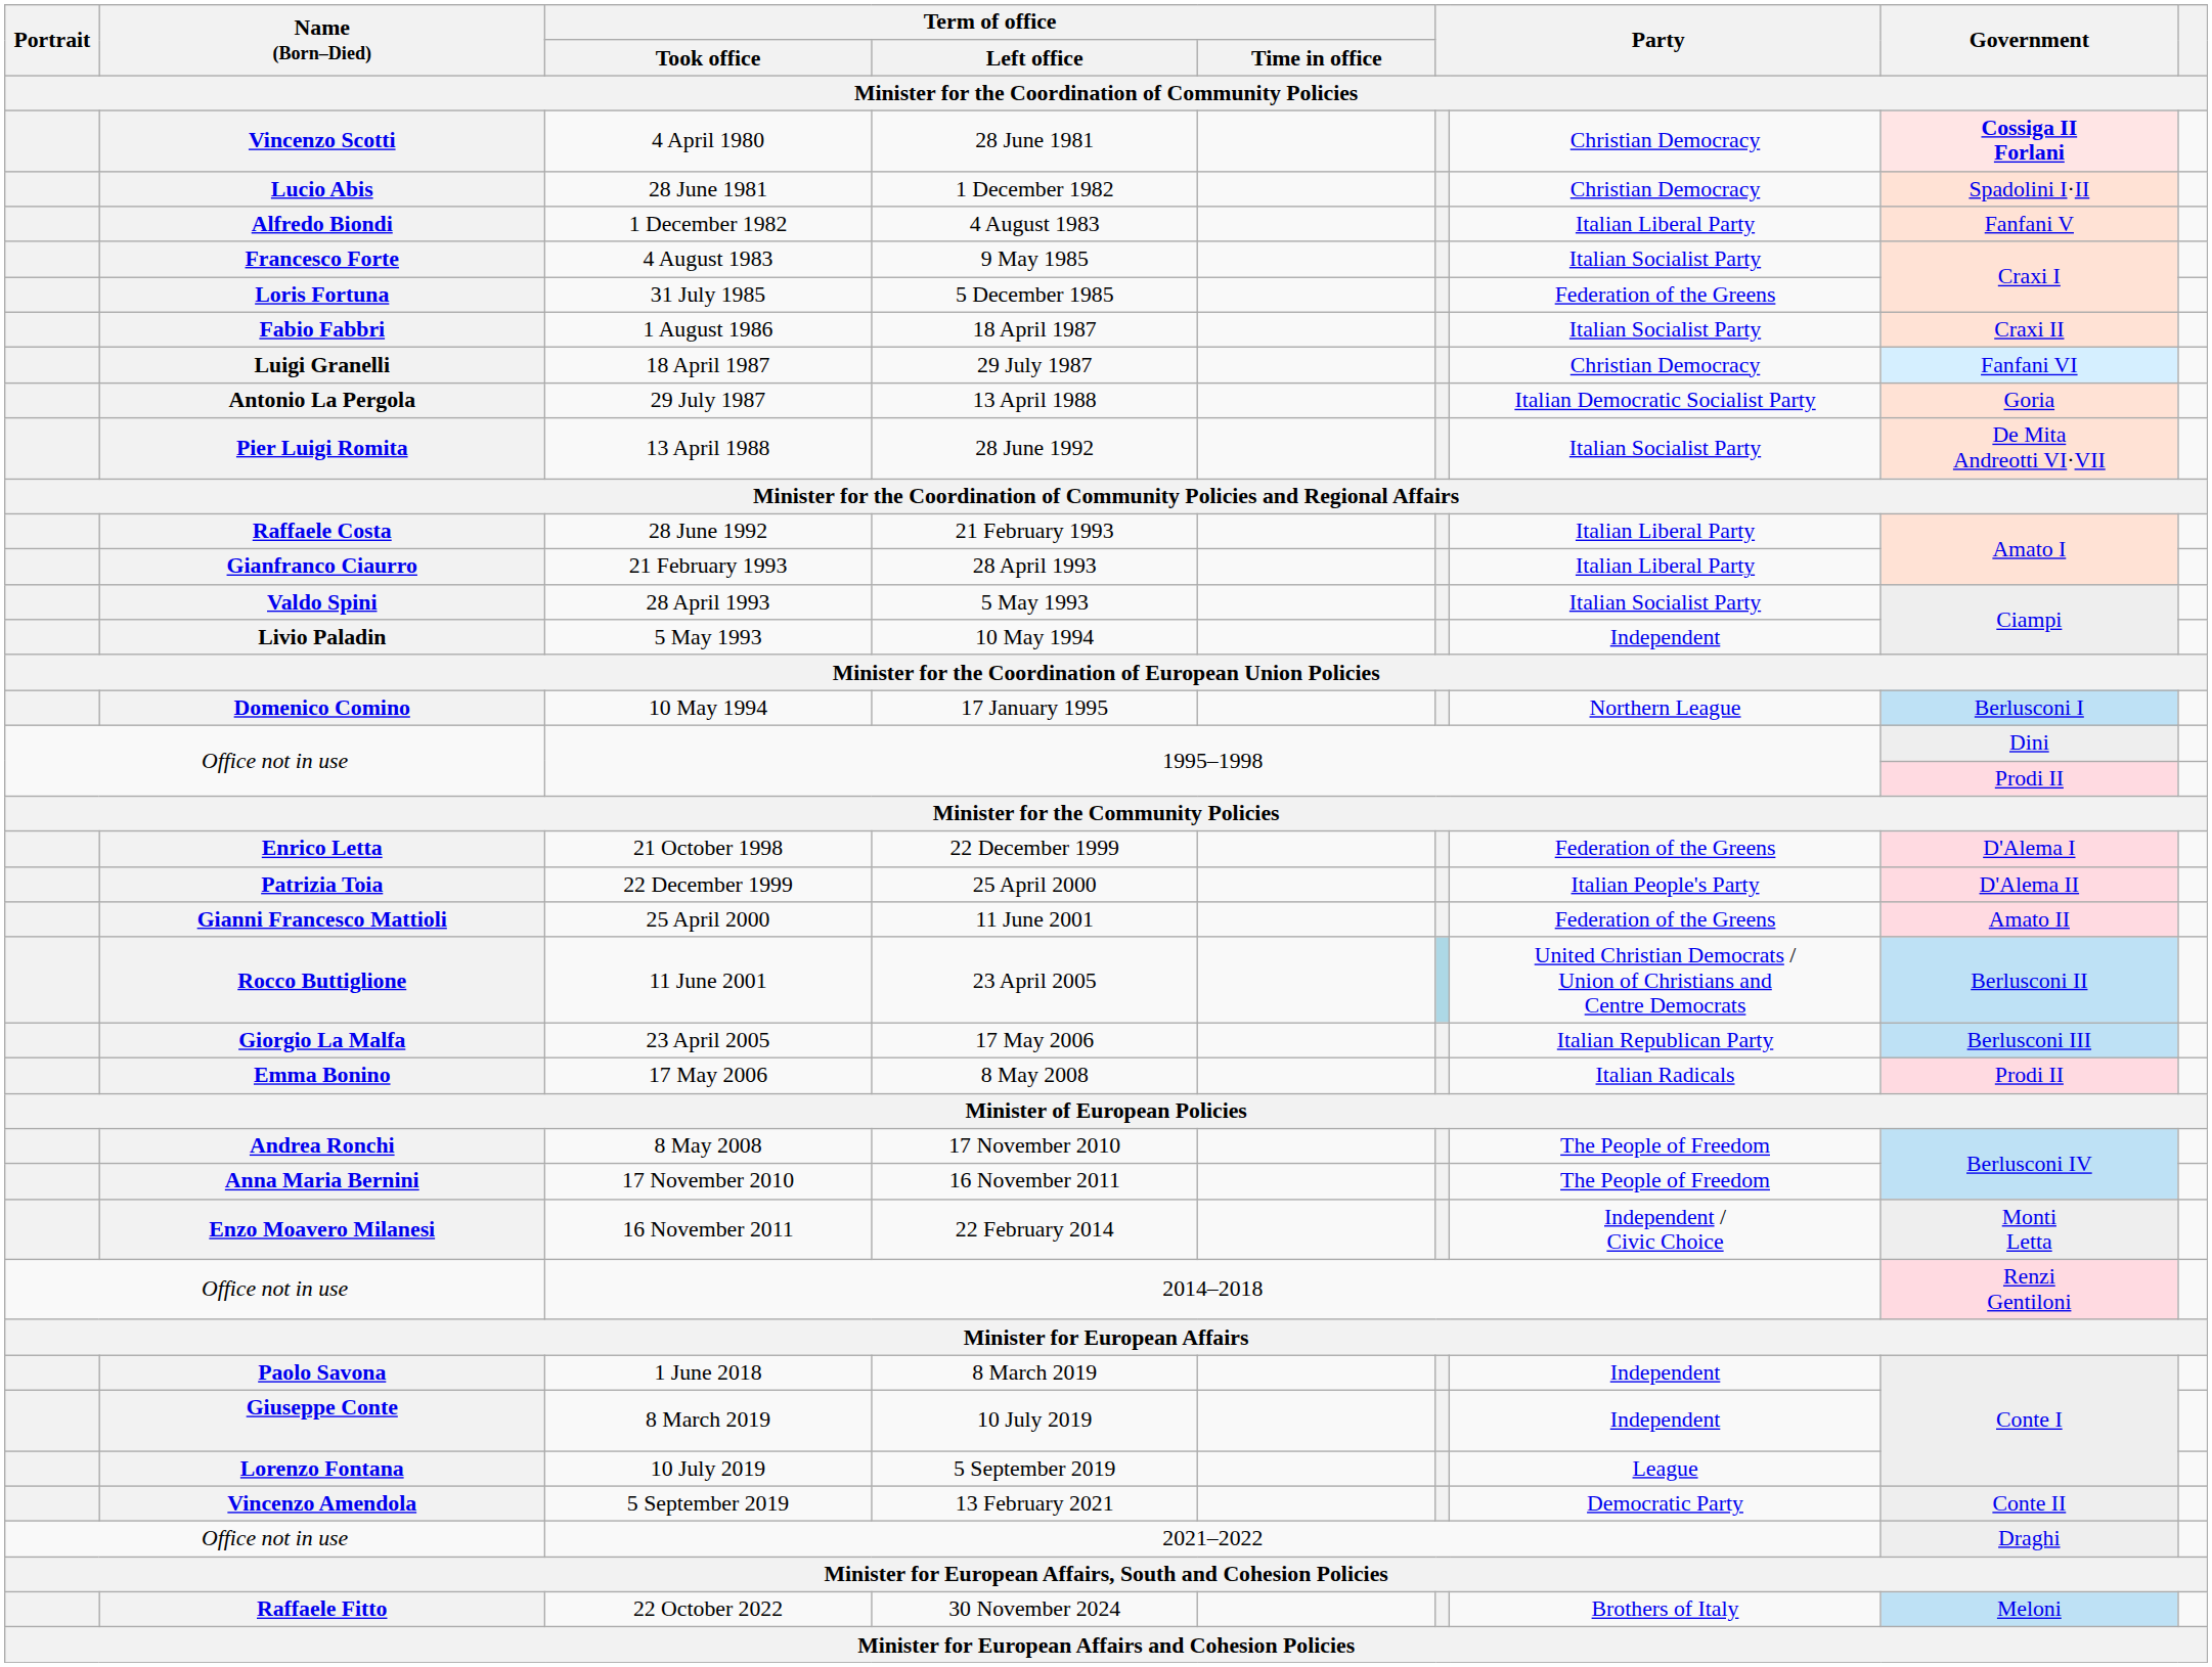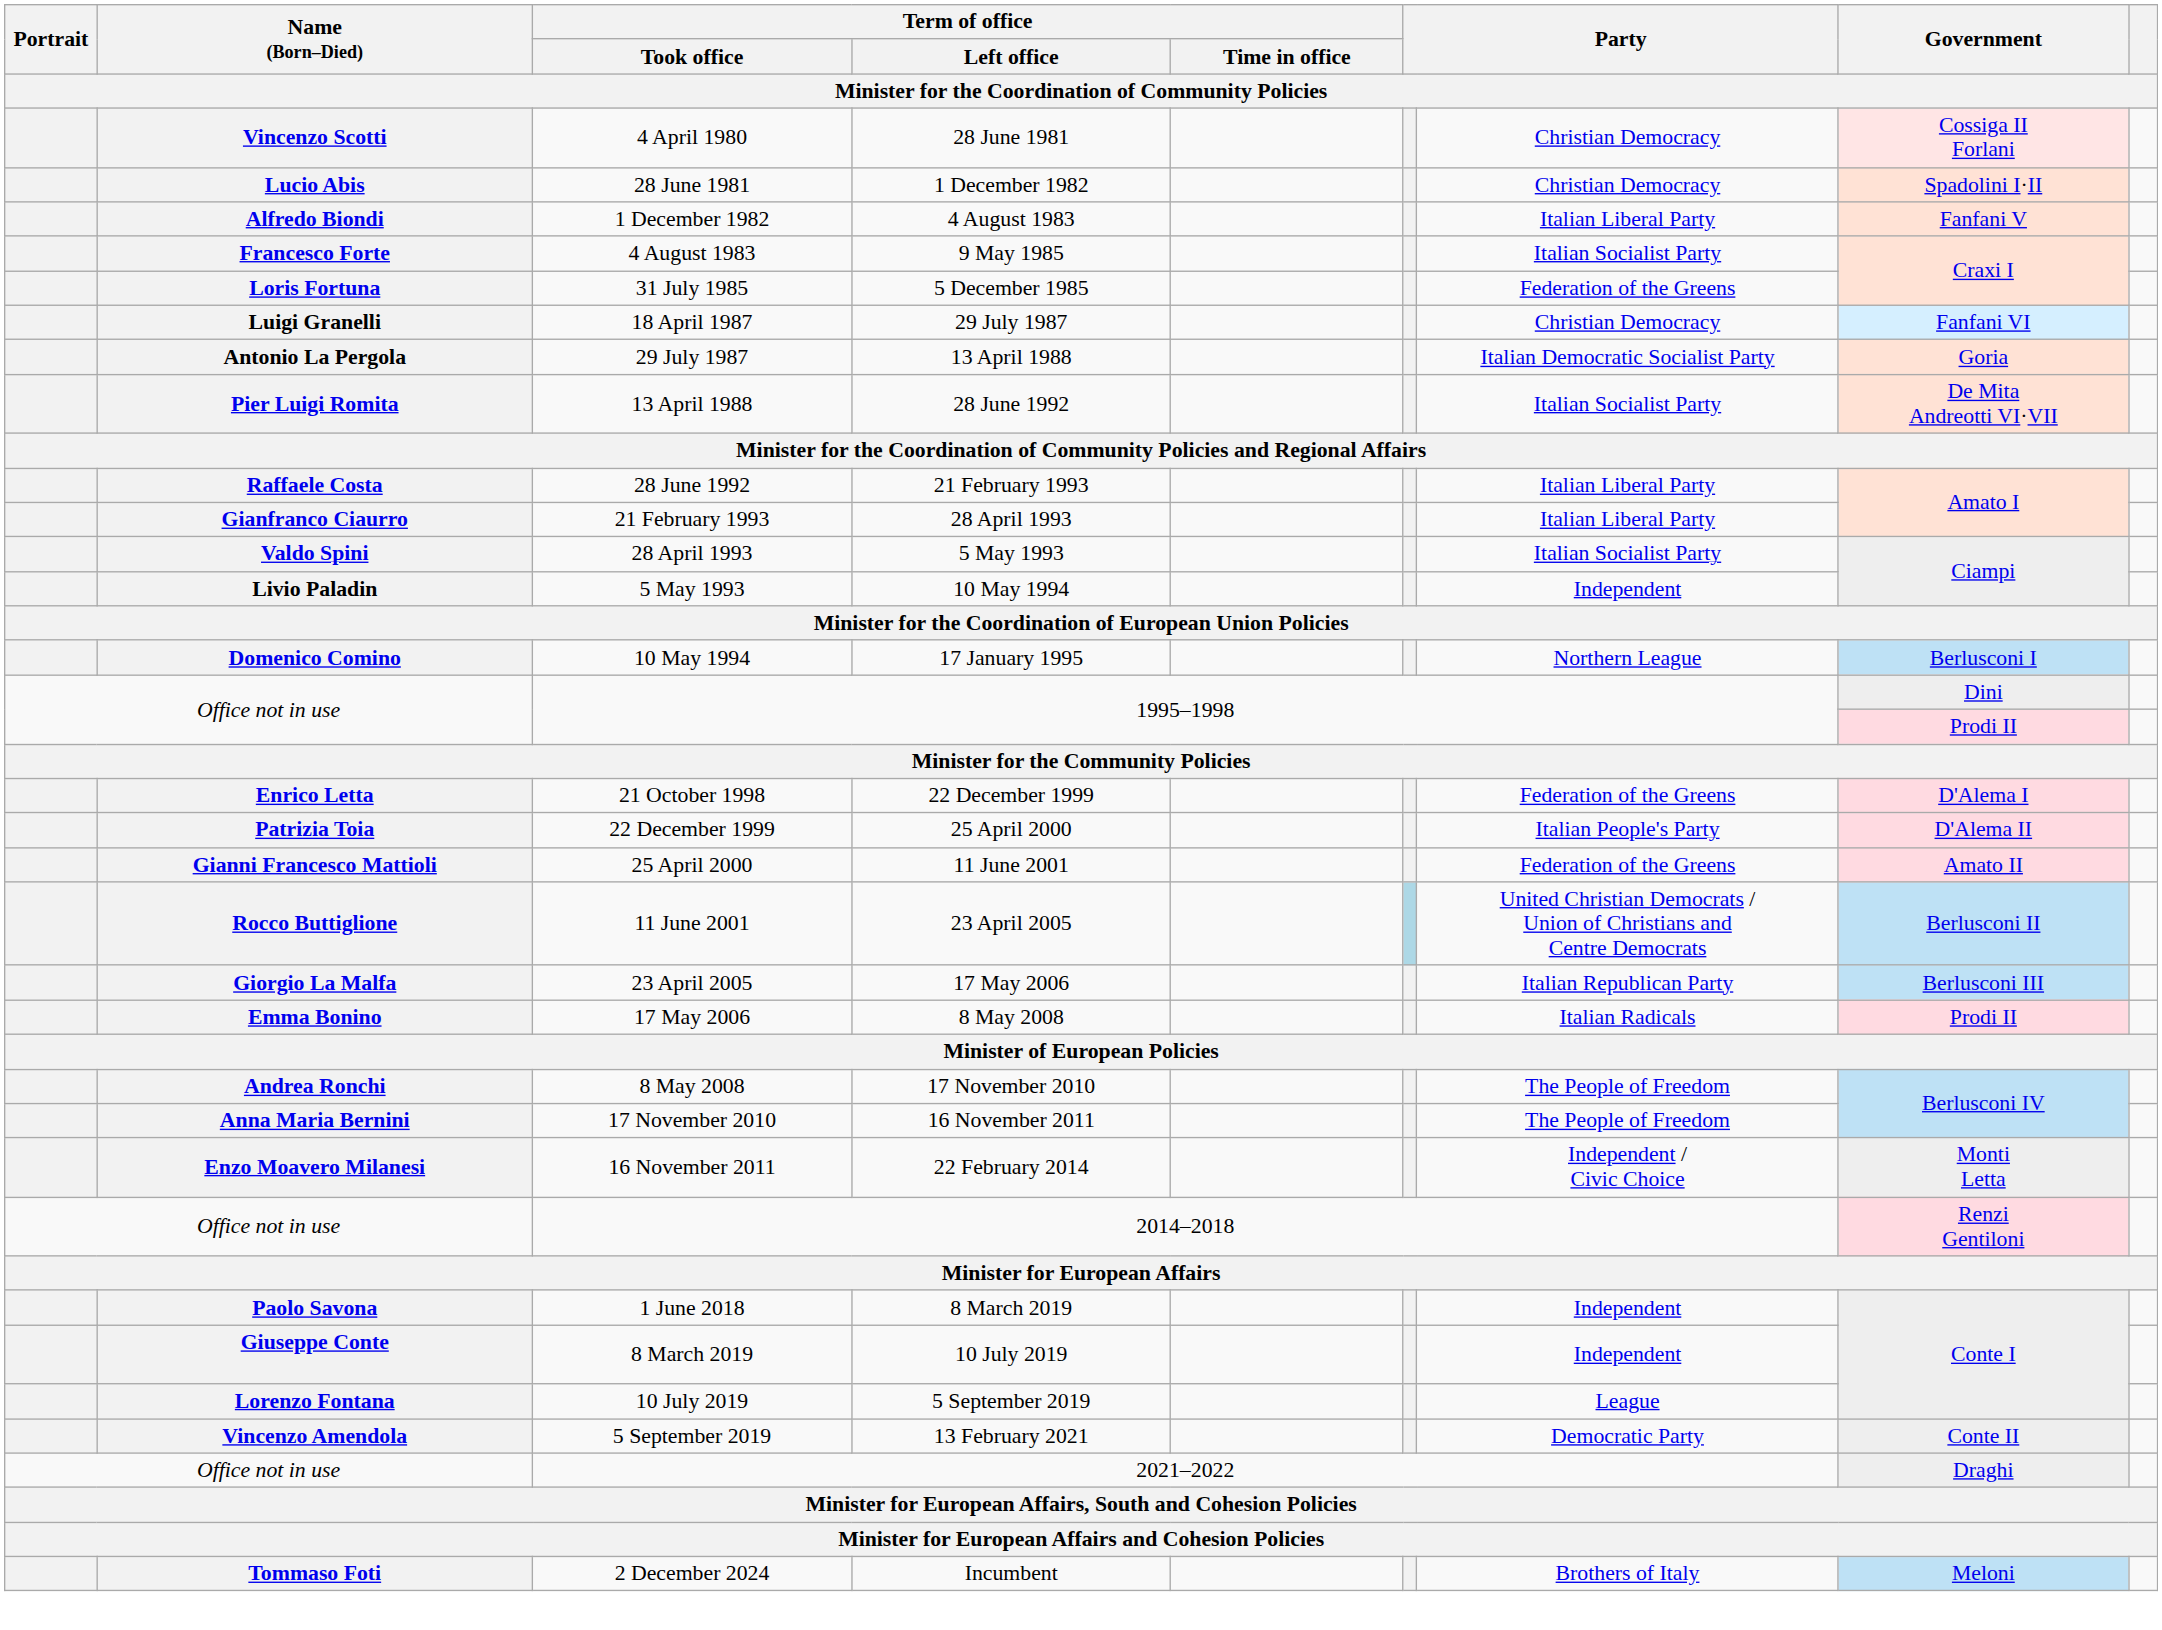 <table class="wikitable" style="text-align:center; style="width=100%">
 <tr>
 <th width=1% rowspan=2>Portrait</th>
 <th width=15% rowspan=2>Name<br><small>(Born–Died)</small></th>
 <th width=30% colspan=3>Term of office</th>
 <th width=15% rowspan=2 colspan=2>Party</th>
 <th width=10% rowspan=2>Government</th>
 <th width=1% rowspan=2></th>
 </tr>
 <tr style="text-align:center;">
 <th width=11%>Took office</th>
 <th width=11%>Left office</th>
 <th width=8%>Time in office</th>
 </tr>
 <tr>
 <th colspan=9>Minister for the Coordination of Community Policies</th>
 </tr>
 <tr style="text-align:center;">
 <th></th>
 <th scope="row" style="font-weight:normal"><strong><a href='#'>Vincenzo Scotti</a></strong><br></th>
 <td>4 April 1980</td>
 <td>28 June 1981</td>
 <td></td>
 <th style="background:"></th>
 <td><a href='#'>Christian Democracy</a></td>
-<td bgcolor=#FFE5E5><strong><a href='#'>Cossiga II</a><br><a href='#'>Forlani</a></strong></td>
+<td bgcolor=#FFE5E5><a href='#'>Cossiga II</a><br><a href='#'>Forlani</a></td>
 <td></td>
 </tr>
 <tr>
 <th></th>
 <th scope="row" style="font-weight:normal"><strong><a href='#'>Lucio Abis</a></strong><br></th>
 <td>28 June 1981</td>
 <td>1 December 1982</td>
 <td></td>
 <th style="background:"></th>
 <td><a href='#'>Christian Democracy</a></td>
 <td bgcolor=#FFE2D5><a href='#'>Spadolini I</a>·<a href='#'>II</a></td>
 <td></td>
 </tr>
 <tr>
 <th></th>
 <th scope="row" style="font-weight:normal"><strong><a href='#'>Alfredo Biondi</a></strong><br></th>
 <td>1 December 1982</td>
 <td>4 August 1983</td>
 <td></td>
 <th style="background:"></th>
 <td><a href='#'>Italian Liberal Party</a></td>
 <td bgcolor=#FFE2D5><a href='#'>Fanfani V</a></td>
 <td></td>
 </tr>
 <tr>
 <th></th>
 <th scope="row" style="font-weight:normal"><strong><a href='#'>Francesco Forte</a></strong><br></th>
 <td>4 August 1983</td>
 <td>9 May 1985</td>
 <td></td>
 <th style="background:"></th>
 <td><a href='#'>Italian Socialist Party</a></td>
 <td rowspan=2 bgcolor=#FFE2D5><a href='#'>Craxi I</a></td>
 <td></td>
 </tr>
 <tr>
 <th></th>
 <th scope="row" style="font-weight:normal"><strong><a href='#'>Loris Fortuna</a></strong><br></th>
 <td>31 July 1985</td>
 <td>5 December 1985</td>
 <td></td>
 <th style="background:"></th>
 <td><a href='#'>Federation of the Greens</a></td>
-<td></td>
-</tr>
-<tr>
-<th></th>
-<th scope="row" style="font-weight:normal"><strong><a href='#'>Fabio Fabbri</a></strong><br></th>
-<td>1 August 1986</td>
-<td>18 April 1987</td>
-<td></td>
-<th style="background:"></th>
-<td><a href='#'>Italian Socialist Party</a></td>
-<td bgcolor=#FFE2D5><a href='#'>Craxi II</a></td>
 <td></td>
 </tr>
 <tr>
 <th></th>
 <th scope="row" style="font-weight:normal"><strong>Luigi Granelli</strong><br></th>
 <td>18 April 1987</td>
 <td>29 July 1987</td>
 <td></td>
 <th style="background:"></th>
 <td><a href='#'>Christian Democracy</a></td>
 <td bgcolor=#D5EFFF><a href='#'>Fanfani VI</a></td>
 <td></td>
 </tr>
 <tr>
 <th></th>
 <th scope="row" style="font-weight:normal"><strong>Antonio La Pergola</strong><br></th>
 <td>29 July 1987</td>
 <td>13 April 1988</td>
 <td></td>
 <th style="background:"></th>
 <td><a href='#'>Italian Democratic Socialist Party</a></td>
 <td bgcolor=#FFE2D5><a href='#'>Goria</a></td>
 <td></td>
 </tr>
 <tr>
 <th></th>
 <th scope="row" style="font-weight:normal"><strong><a href='#'>Pier Luigi Romita</a></strong><br></th>
 <td>13 April 1988</td>
 <td>28 June 1992</td>
 <td></td>
 <th style="background:"></th>
 <td><a href='#'>Italian Socialist Party</a></td>
 <td bgcolor=#FFE2D5><a href='#'>De Mita</a><br><a href='#'>Andreotti VI</a>·<a href='#'>VII</a></td>
 <td></td>
 </tr>
 <tr>
 <th colspan=9>Minister for the Coordination of Community Policies and Regional Affairs</th>
 </tr>
 <tr>
 <th></th>
 <th scope="row" style="font-weight:normal"><strong><a href='#'>Raffaele Costa</a></strong><br></th>
 <td>28 June 1992</td>
 <td>21 February 1993</td>
 <td></td>
 <th style="background:"></th>
 <td><a href='#'>Italian Liberal Party</a></td>
 <td rowspan=2 bgcolor=#FFE2D5><a href='#'>Amato I</a></td>
 <td></td>
 </tr>
 <tr>
 <th></th>
 <th scope="row" style="font-weight:normal"><strong><a href='#'>Gianfranco Ciaurro</a></strong><br></th>
 <td>21 February 1993</td>
 <td>28 April 1993</td>
 <td></td>
 <th style="background:"></th>
 <td><a href='#'>Italian Liberal Party</a></td>
 <td></td>
 </tr>
 <tr>
 <th></th>
 <th scope="row" style="font-weight:normal"><strong><a href='#'>Valdo Spini</a></strong><br></th>
 <td>28 April 1993</td>
 <td>5 May 1993</td>
 <td></td>
 <th style="background:"></th>
 <td><a href='#'>Italian Socialist Party</a></td>
 <td rowspan=2 bgcolor=#EEEEEE><a href='#'>Ciampi</a></td>
 <td></td>
 </tr>
 <tr>
 <th></th>
 <th scope="row" style="font-weight:normal"><strong>Livio Paladin</strong><br></th>
 <td>5 May 1993</td>
 <td>10 May 1994</td>
 <td></td>
 <th style="background:"></th>
 <td><a href='#'>Independent</a></td>
 <td></td>
 </tr>
 <tr>
 <th colspan=9>Minister for the Coordination of European Union Policies</th>
 </tr>
 <tr>
 <th></th>
 <th scope="row" style="font-weight:normal"><strong><a href='#'>Domenico Comino</a></strong><br></th>
 <td>10 May 1994</td>
 <td>17 January 1995</td>
 <td></td>
 <th style="background:"></th>
 <td><a href='#'>Northern League</a></td>
 <td bgcolor=#BEE1F5><a href='#'>Berlusconi I</a></td>
 <td></td>
 </tr>
 <tr>
 <td rowspan=2 colspan=2><em>Office not in use</em></td>
 <td rowspan=2 colspan=5 align="center">1995–1998</td>
 <td bgcolor=#EEEEEE><a href='#'>Dini</a></td>
 <td></td>
 </tr>
 <tr>
 <td bgcolor=#FFDAE1><a href='#'>Prodi II</a></td>
 <td></td>
 </tr>
 <tr>
 <th colspan=9>Minister for the Community Policies</th>
 </tr>
 <tr>
 <th></th>
 <th scope="row" style="font-weight:normal"><strong><a href='#'>Enrico Letta</a></strong><br></th>
 <td>21 October 1998</td>
 <td>22 December 1999</td>
 <td></td>
 <th style="background:"></th>
 <td><a href='#'>Federation of the Greens</a></td>
 <td bgcolor=#FFDAE1><a href='#'>D'Alema I</a></td>
 <td></td>
 </tr>
 <tr>
 <th></th>
 <th scope="row" style="font-weight:normal"><strong><a href='#'>Patrizia Toia</a></strong><br></th>
 <td>22 December 1999</td>
 <td>25 April 2000</td>
 <td></td>
 <th style="background:"></th>
 <td><a href='#'>Italian People's Party</a></td>
 <td bgcolor=#FFDAE1><a href='#'>D'Alema II</a></td>
 <td></td>
 </tr>
 <tr>
 <th></th>
 <th scope="row" style="font-weight:normal"><strong><a href='#'>Gianni Francesco Mattioli</a></strong><br></th>
 <td>25 April 2000</td>
 <td>11 June 2001</td>
 <td></td>
 <th style="background:"></th>
 <td><a href='#'>Federation of the Greens</a></td>
 <td bgcolor=#FFDAE1><a href='#'>Amato II</a></td>
 <td></td>
 </tr>
 <tr>
 <th></th>
 <th scope="row" style="font-weight:normal"><strong><a href='#'>Rocco Buttiglione</a></strong><br></th>
 <td>11 June 2001</td>
 <td>23 April 2005</td>
 <td></td>
 <th style="background:lightblue;"></th>
 <td><a href='#'>United Christian Democrats</a> /<br><a href='#'>Union of Christians and<br>Centre Democrats</a></td>
 <td bgcolor=#BEE1F5><a href='#'>Berlusconi II</a></td>
 <td></td>
 </tr>
 <tr>
 <th></th>
 <th scope="row" style="font-weight:normal"><strong><a href='#'>Giorgio La Malfa</a></strong><br></th>
 <td>23 April 2005</td>
 <td>17 May 2006</td>
 <td></td>
 <th style="background:"></th>
 <td><a href='#'>Italian Republican Party</a></td>
 <td bgcolor=#BEE1F5><a href='#'>Berlusconi III</a></td>
 <td></td>
 </tr>
 <tr>
 <th></th>
 <th scope="row" style="font-weight:normal"><strong><a href='#'>Emma Bonino</a></strong><br></th>
 <td>17 May 2006</td>
 <td>8 May 2008</td>
 <td></td>
 <th style="background:"></th>
 <td><a href='#'>Italian Radicals</a></td>
 <td bgcolor=#FFDAE1><a href='#'>Prodi II</a></td>
 <td></td>
 </tr>
 <tr>
 <th colspan=9>Minister of European Policies</th>
 </tr>
 <tr>
 <th></th>
 <th scope="row" style="font-weight:normal"><strong><a href='#'>Andrea Ronchi</a></strong><br></th>
 <td>8 May 2008</td>
 <td>17 November 2010</td>
 <td></td>
 <th style="background:"></th>
 <td><a href='#'>The People of Freedom</a></td>
 <td rowspan=2 bgcolor=#BEE1F5><a href='#'>Berlusconi IV</a></td>
 <td></td>
 </tr>
 <tr>
 <th></th>
 <th scope="row" style="font-weight:normal"><strong><a href='#'>Anna Maria Bernini</a></strong><br></th>
 <td>17 November 2010</td>
 <td>16 November 2011</td>
 <td></td>
 <th style="background:"></th>
 <td><a href='#'>The People of Freedom</a></td>
 <td></td>
 </tr>
 <tr>
 <th></th>
 <th scope="row" style="font-weight:normal"><strong><a href='#'>Enzo Moavero Milanesi</a></strong><br></th>
 <td>16 November 2011</td>
 <td>22 February 2014</td>
 <td></td>
 <th style="background:"></th>
 <td><a href='#'>Independent</a> /<br><a href='#'>Civic Choice</a></td>
 <td bgcolor=#EEEEEE><a href='#'>Monti</a><br><a href='#'>Letta</a></td>
 <td></td>
 </tr>
 <tr>
 <td colspan=2><em>Office not in use</em></td>
 <td colspan=5 align="center">2014–2018</td>
 <td bgcolor=#FFDAE1><a href='#'>Renzi</a><br><a href='#'>Gentiloni</a></td>
 <td></td>
 </tr>
 <tr>
 <th colspan=9>Minister for European Affairs</th>
 </tr>
 <tr>
 <th></th>
 <th scope="row" style="font-weight:normal"><strong><a href='#'>Paolo Savona</a></strong><br></th>
 <td>1 June 2018</td>
 <td>8 March 2019</td>
 <td></td>
 <th style="background:"></th>
 <td><a href='#'>Independent</a></td>
 <td rowspan=3 bgcolor=#EEEEEE><a href='#'>Conte I</a></td>
 <td></td>
 </tr>
 <tr>
 <th></th>
 <th scope="row" style="font-weight:normal"><strong><a href='#'>Giuseppe Conte</a></strong><br><br><em></em></th>
 <td>8 March 2019</td>
 <td>10 July 2019</td>
 <td></td>
 <th style="background:"></th>
 <td><a href='#'>Independent</a></td>
 <td></td>
 </tr>
 <tr>
 <th></th>
 <th scope="row" style="font-weight:normal"><strong><a href='#'>Lorenzo Fontana</a></strong><br></th>
 <td>10 July 2019</td>
 <td>5 September 2019</td>
 <td></td>
 <th style="background:"></th>
 <td><a href='#'>League</a></td>
 <td></td>
 </tr>
 <tr>
 <th></th>
 <th scope="row" style="font-weight:normal"><strong><a href='#'>Vincenzo Amendola</a></strong><br></th>
 <td>5 September 2019</td>
 <td>13 February 2021</td>
 <td></td>
 <th style="background:"></th>
 <td><a href='#'>Democratic Party</a></td>
 <td bgcolor=#EEEEEE><a href='#'>Conte II</a></td>
 <td></td>
 </tr>
 <tr>
 <td colspan=2><em>Office not in use</em></td>
 <td colspan=5 align="center">2021–2022</td>
 <td bgcolor=#EEEEEE><a href='#'>Draghi</a></td>
 <td></td>
 </tr>
 <tr>
 <th colspan=9>Minister for European Affairs, South and Cohesion Policies</th>
 </tr>
 <tr>
+<th colspan=9>Minister for European Affairs and Cohesion Policies</th>
+</tr>
+<tr>
 <th></th>
-<th scope="row" style="font-weight:normal"><strong><a href='#'>Raffaele Fitto</a></strong><br></th>
-<td>22 October 2022</td>
-<td>30 November 2024</td>
+<th scope="row" style="font-weight:normal"><strong><a href='#'>Tommaso Foti</a></strong><br></th>
+<td>2 December 2024</td>
+<td>Incumbent</td>
 <td></td>
 <th style="background:"></th>
 <td><a href='#'>Brothers of Italy</a></td>
 <td bgcolor=#BEE1F5><a href='#'>Meloni</a></td>
 <td></td>
 </tr>
-<tr>
-<th colspan=9>Minister for European Affairs and Cohesion Policies</th>
-</tr>
 </table>
